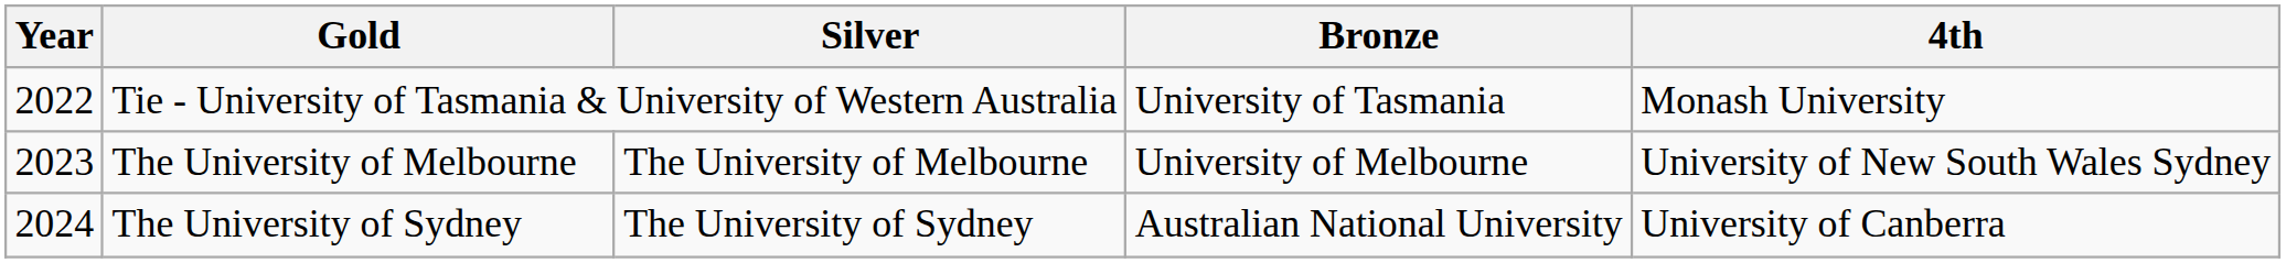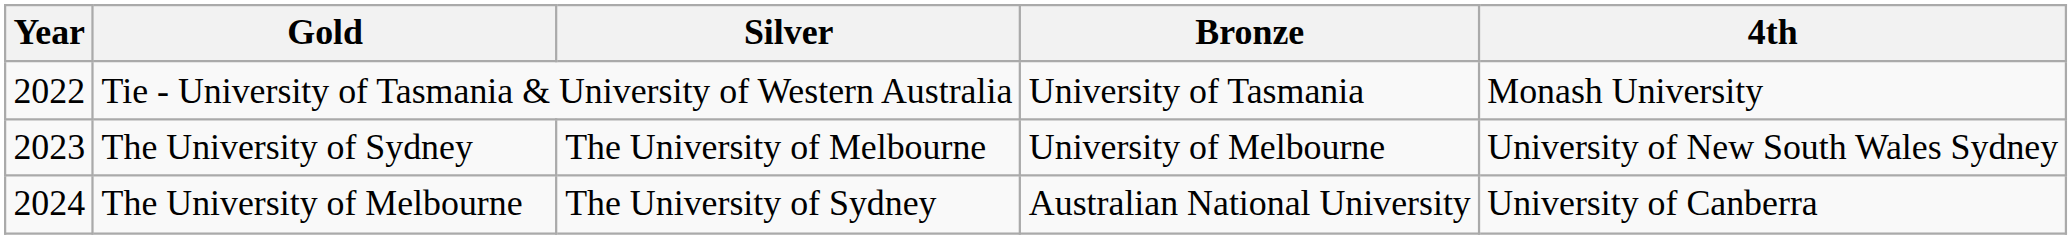 <table class="wikitable">
 <tr>
 <th>Year</th>
 <th>Gold</th>
 <th>Silver</th>
 <th>Bronze</th>
 <th>4th</th>
 </tr>
 <tr>
 <td>2022</td>
 <td colspan="2">Tie - University of Tasmania & University of Western Australia</td>
 <td>University of Tasmania</td>
 <td>Monash University</td>
 </tr>
 <tr>
 <td>2023</td>
-<td>The University of Melbourne</td>
+<td>The University of Sydney</td>
 <td>The University of Melbourne</td>
 <td>University of Melbourne</td>
 <td>University of New South Wales Sydney</td>
 </tr>
 <tr>
 <td>2024</td>
-<td>The University of Sydney</td>
+<td>The University of Melbourne</td>
 <td>The University of Sydney</td>
 <td>Australian National University</td>
 <td>University of Canberra</td>
 </tr>
 </table>
